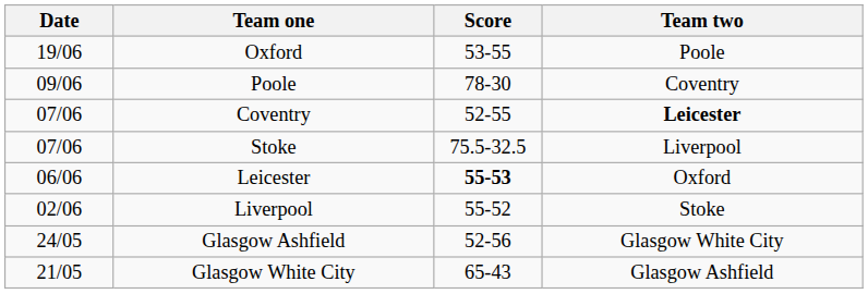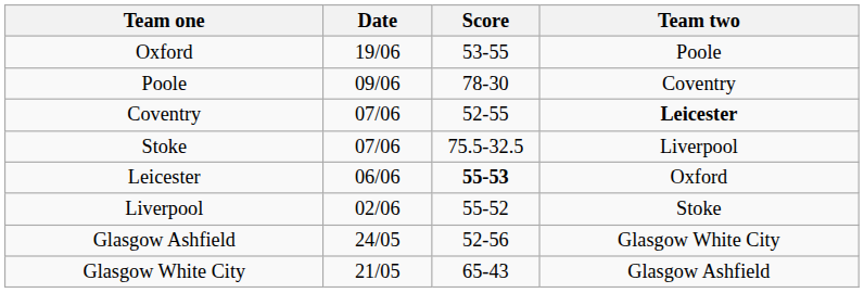 <table class="wikitable" style="text-align: center">
 <tr>
+<th width=250>Team one</th>
 <th width=80>Date</th>
-<th width=250>Team one</th>
 <th width=80>Score</th>
 <th width=250>Team two</th>
 </tr>
 <tr>
+<td>Oxford</td>
 <td>19/06</td>
-<td>Oxford</td>
 <td>53-55</td>
 <td>Poole</td>
 </tr>
 <tr>
+<td>Poole</td>
 <td>09/06</td>
-<td>Poole</td>
 <td>78-30</td>
 <td>Coventry</td>
 </tr>
 <tr>
+<td>Coventry</td>
 <td>07/06</td>
-<td>Coventry</td>
 <td>52-55</td>
 <td><strong>Leicester</strong></td>
 </tr>
 <tr>
+<td>Stoke</td>
 <td>07/06</td>
-<td>Stoke</td>
 <td>75.5-32.5</td>
 <td>Liverpool</td>
 </tr>
 <tr>
+<td>Leicester</td>
 <td>06/06</td>
-<td>Leicester</td>
 <td><strong>55-53</strong></td>
 <td>Oxford</td>
 </tr>
 <tr>
+<td>Liverpool</td>
 <td>02/06</td>
-<td>Liverpool</td>
 <td>55-52</td>
 <td>Stoke</td>
 </tr>
 <tr>
+<td>Glasgow Ashfield</td>
 <td>24/05</td>
-<td>Glasgow Ashfield</td>
 <td>52-56</td>
 <td>Glasgow White City</td>
 </tr>
 <tr>
+<td>Glasgow White City</td>
 <td>21/05</td>
-<td>Glasgow White City</td>
 <td>65-43</td>
 <td>Glasgow Ashfield</td>
 </tr>
 </table>
